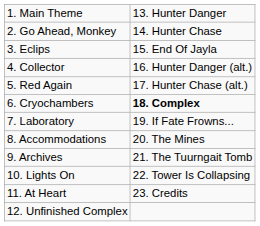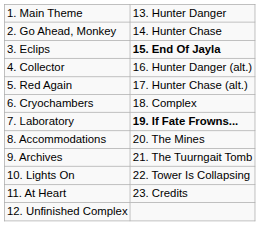 <table class="wikitable">
 <tr>
 <td>1. Main Theme</td>
 <td>13. Hunter Danger</td>
 </tr>
 <tr>
 <td>2. Go Ahead, Monkey</td>
 <td>14. Hunter Chase</td>
 </tr>
 <tr>
 <td>3. Eclips</td>
-<td>15. End Of Jayla</td>
+<td><strong>15. End Of Jayla</strong></td>
 </tr>
 <tr>
 <td>4. Collector</td>
 <td>16. Hunter Danger (alt.)</td>
 </tr>
 <tr>
 <td>5. Red Again</td>
 <td>17. Hunter Chase (alt.)</td>
 </tr>
 <tr>
 <td>6. Cryochambers</td>
-<td><strong>18. Complex</strong></td>
+<td>18. Complex</td>
 </tr>
 <tr>
 <td>7. Laboratory</td>
-<td>19. If Fate Frowns...</td>
+<td><strong>19. If Fate Frowns...</strong></td>
 </tr>
 <tr>
 <td>8. Accommodations</td>
 <td>20. The Mines</td>
 </tr>
 <tr>
 <td>9. Archives</td>
 <td>21. The Tuurngait Tomb</td>
 </tr>
 <tr>
 <td>10. Lights On</td>
 <td>22. Tower Is Collapsing</td>
 </tr>
 <tr>
 <td>11. At Heart</td>
 <td>23. Credits</td>
 </tr>
 <tr>
 <td>12. Unfinished Complex</td>
 <td></td>
 </tr>
 </table>
